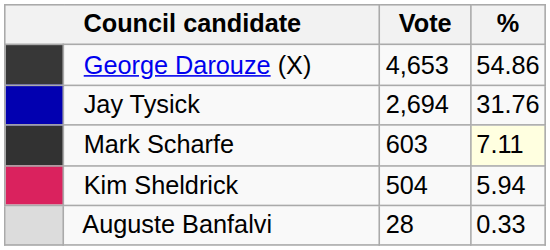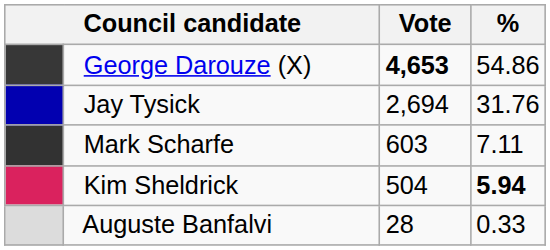 <table class="wikitable">
 <tr>
 <th bgcolor="#DDDDFF" width="230px" colspan="2">Council candidate</th>
 <th bgcolor="#DDDDFF" width="50px">Vote</th>
 <th bgcolor="#DDDDFF" width="30px">%</th>
 </tr>
 <tr>
 <td bgcolor=#373737 width="30px"> </td>
 <td>  <a href='#'>George Darouze</a> (X)</td>
-<td>4,653</td>
+<td><strong>4,653</strong></td>
 <td>54.86</td>
 </tr>
 <tr>
 <td bgcolor=#0200B0 width="30px"> </td>
 <td>  Jay Tysick</td>
 <td>2,694</td>
 <td>31.76</td>
 </tr>
 <tr>
 <td bgcolor=#323232 width="30px"> </td>
 <td>  Mark Scharfe</td>
 <td>603</td>
-<td style="background: lightyellow;">7.11</td>
+<td>7.11</td>
 </tr>
 <tr>
 <td bgcolor=#DA225E width="30px"> </td>
 <td>  Kim Sheldrick</td>
 <td>504</td>
-<td>5.94</td>
+<td><strong>5.94</strong></td>
 </tr>
 <tr>
 <td bgcolor=#DCDCDC width="30px"> </td>
 <td>  Auguste Banfalvi</td>
 <td>28</td>
 <td>0.33</td>
 </tr>
 </table>
